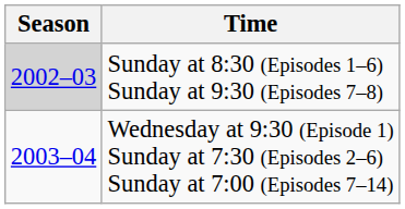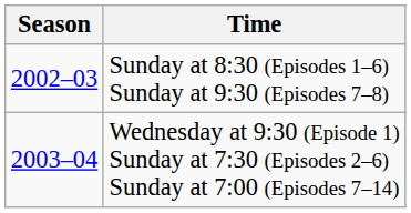 <table class="wikitable">
 <tr>
 <th>Season</th>
 <th>Time</th>
 </tr>
 <tr>
-<td style="background: lightgrey;"><a href='#'>2002–03</a></td>
+<td><a href='#'>2002–03</a></td>
 <td>Sunday at 8:30 <small>(Episodes 1–6)</small><br>Sunday at 9:30 <small>(Episodes 7–8)</small></td>
 </tr>
 <tr>
 <td><a href='#'>2003–04</a></td>
 <td>Wednesday at 9:30 <small>(Episode 1)</small><br>Sunday at 7:30 <small>(Episodes 2–6)</small><br>Sunday at 7:00 <small>(Episodes 7–14)</small></td>
 </tr>
 </table>
